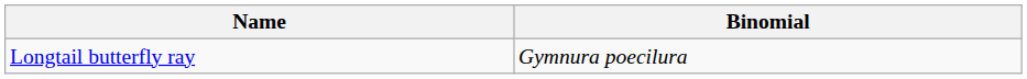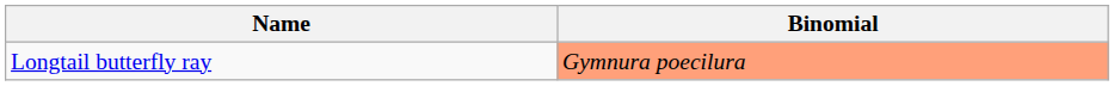 <table width=60% class="wikitable">
 <tr>
 <th width=20%>Name</th>
 <th width=20%>Binomial</th>
 </tr>
 <tr>
 <td><a href='#'>Longtail butterfly ray</a><br></td>
-<td><em>Gymnura poecilura</em></td>
+<td style="background: lightsalmon;"><em>Gymnura poecilura</em></td>
 </tr>
 </table>
